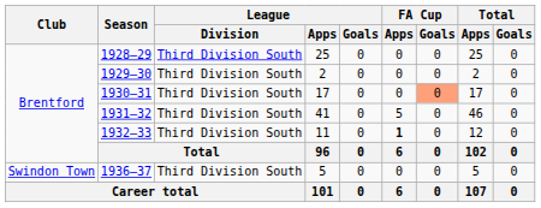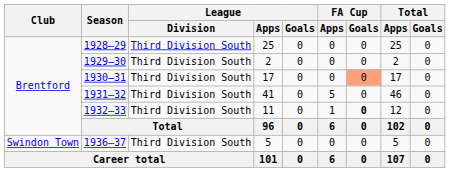 <table class="wikitable" style="text-align: center;">
 <tr>
 <th rowspan="2">Club</th>
 <th rowspan="2">Season</th>
 <th colspan="3">League</th>
 <th colspan="2">FA Cup</th>
 <th colspan="2">Total</th>
 </tr>
 <tr>
 <th>Division</th>
 <th>Apps</th>
 <th>Goals</th>
 <th>Apps</th>
 <th>Goals</th>
 <th>Apps</th>
 <th>Goals</th>
 </tr>
 <tr>
 <td rowspan="6"><a href='#'>Brentford</a></td>
 <td><a href='#'>1928–29</a></td>
 <td><a href='#'>Third Division South</a></td>
 <td>25</td>
 <td>0</td>
 <td>0</td>
 <td>0</td>
 <td>25</td>
 <td>0</td>
 </tr>
 <tr>
 <td><a href='#'>1929–30</a></td>
 <td>Third Division South</td>
 <td>2</td>
 <td>0</td>
 <td>0</td>
 <td>0</td>
 <td>2</td>
 <td>0</td>
 </tr>
 <tr>
 <td><a href='#'>1930–31</a></td>
 <td>Third Division South</td>
 <td>17</td>
 <td>0</td>
 <td>0</td>
 <td style="background: lightsalmon;">0</td>
 <td>17</td>
 <td>0</td>
 </tr>
 <tr>
 <td><a href='#'>1931–32</a></td>
 <td>Third Division South</td>
 <td>41</td>
 <td>0</td>
 <td>5</td>
 <td>0</td>
 <td>46</td>
 <td>0</td>
 </tr>
 <tr>
 <td><a href='#'>1932–33</a></td>
 <td>Third Division South</td>
 <td>11</td>
 <td>0</td>
-<td><strong>1</strong></td>
-<td>0</td>
+<td>1</td>
+<td><strong>0</strong></td>
 <td>12</td>
 <td>0</td>
 </tr>
 <tr>
 <th colspan="2">Total</th>
 <th>96</th>
 <th>0</th>
 <th>6</th>
 <th>0</th>
 <th>102</th>
 <th>0</th>
 </tr>
 <tr>
 <td><a href='#'>Swindon Town</a></td>
 <td><a href='#'>1936–37</a></td>
 <td>Third Division South</td>
 <td>5</td>
 <td>0</td>
 <td>0</td>
 <td>0</td>
 <td>5</td>
 <td>0</td>
 </tr>
 <tr>
 <th colspan="3">Career total</th>
 <th>101</th>
 <th>0</th>
 <th>6</th>
 <th>0</th>
 <th>107</th>
 <th>0</th>
 </tr>
 </table>
